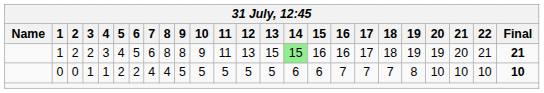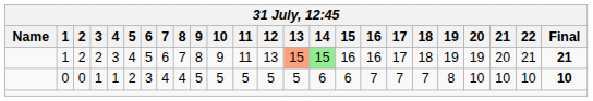 <table class=wikitable style="text-align:center; width: 55%">
 <tr>
 <th colspan=24><em>31 July, 12:45</em></th>
 </tr>
 <tr>
 <th>Name</th>
 <th>1</th>
 <th>2</th>
 <th>3</th>
 <th>4</th>
 <th>5</th>
 <th>6</th>
 <th>7</th>
 <th>8</th>
 <th>9</th>
 <th>10</th>
 <th>11</th>
 <th>12</th>
 <th>13</th>
 <th>14</th>
 <th>15</th>
 <th>16</th>
 <th>17</th>
 <th>18</th>
 <th>19</th>
 <th>20</th>
 <th>21</th>
 <th>22</th>
 <th>Final</th>
 </tr>
 <tr>
 <td align=left><strong></strong></td>
 <td>1</td>
 <td>2</td>
 <td>2</td>
 <td>3</td>
 <td>4</td>
 <td>5</td>
 <td>6</td>
-<td>8</td>
+<td>7</td>
 <td>8</td>
 <td>9</td>
 <td>11</td>
 <td>13</td>
-<td>15</td>
+<td style="background: lightsalmon;">15</td>
 <td style="background: lightgreen;">15</td>
 <td>16</td>
 <td>16</td>
 <td>17</td>
 <td>18</td>
 <td>19</td>
 <td>19</td>
 <td>20</td>
 <td>21</td>
 <td><strong>21</strong></td>
 </tr>
 <tr>
 <td align=left></td>
 <td>0</td>
 <td>0</td>
 <td>1</td>
 <td>1</td>
 <td>2</td>
-<td>2</td>
+<td>3</td>
 <td>4</td>
 <td>4</td>
 <td>5</td>
 <td>5</td>
 <td>5</td>
 <td>5</td>
 <td>5</td>
 <td>6</td>
 <td>6</td>
 <td>7</td>
 <td>7</td>
 <td>7</td>
 <td>8</td>
 <td>10</td>
 <td>10</td>
 <td>10</td>
 <td><strong>10</strong></td>
 </tr>
 <tr>
 <td colspan=24></td>
 </tr>
 </table>
